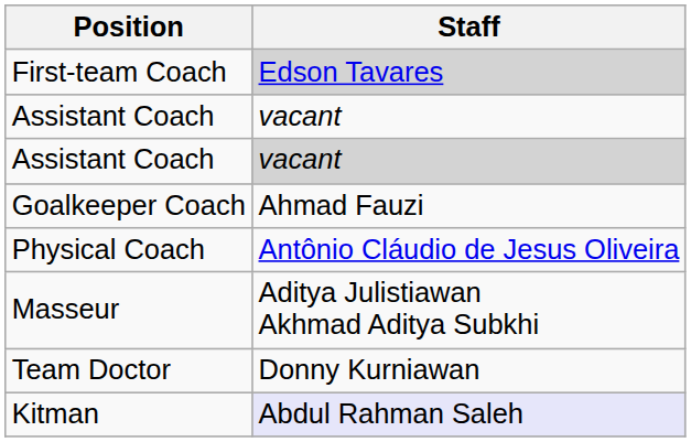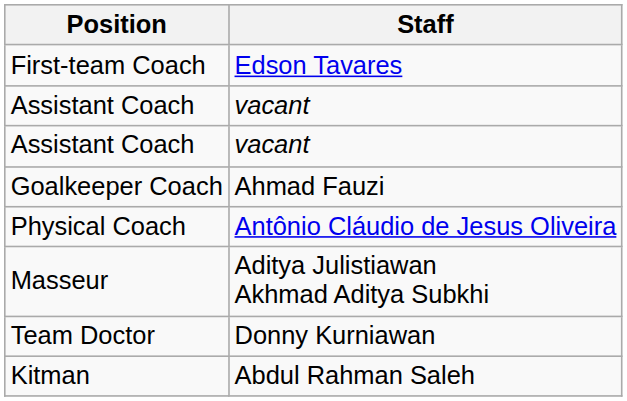 <table class="wikitable">
 <tr>
 <th>Position</th>
 <th>Staff</th>
 </tr>
 <tr>
 <td>First-team Coach</td>
-<td style="background: lightgrey;"> <a href='#'>Edson Tavares</a></td>
+<td> <a href='#'>Edson Tavares</a></td>
 </tr>
 <tr>
 <td>Assistant Coach</td>
 <td><em>vacant</em></td>
 </tr>
 <tr>
 <td>Assistant Coach</td>
-<td style="background: lightgrey;"><em>vacant</em></td>
+<td><em>vacant</em></td>
 </tr>
 <tr>
 <td>Goalkeeper Coach</td>
 <td> Ahmad Fauzi</td>
 </tr>
 <tr>
 <td>Physical Coach</td>
 <td> <a href='#'>Antônio Cláudio de Jesus Oliveira</a></td>
 </tr>
 <tr>
 <td>Masseur</td>
 <td> Aditya Julistiawan <br>  Akhmad Aditya Subkhi</td>
 </tr>
 <tr>
 <td>Team Doctor</td>
 <td> Donny Kurniawan</td>
 </tr>
 <tr>
 <td>Kitman</td>
-<td style="background: lavender;"> Abdul Rahman Saleh</td>
+<td> Abdul Rahman Saleh</td>
 </tr>
 </table>
